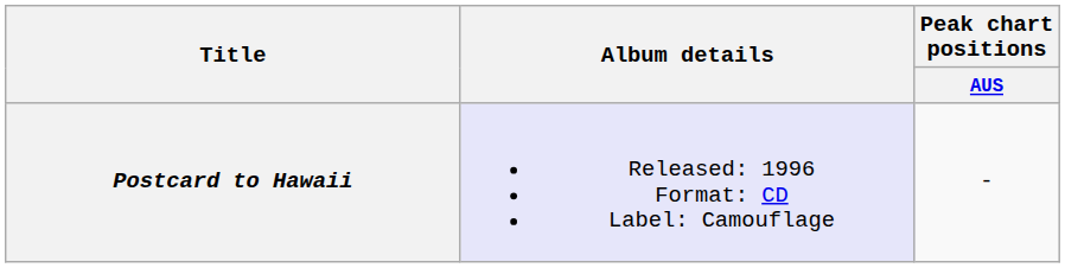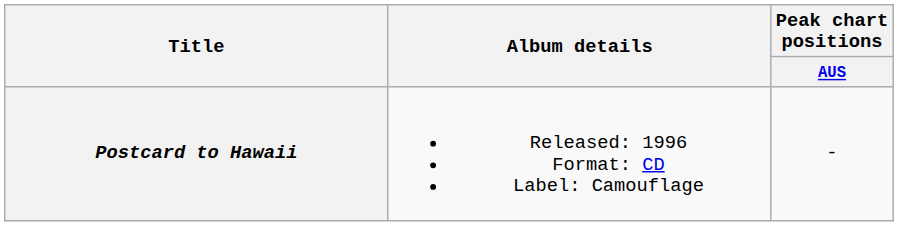 <table class="wikitable plainrowheaders" style="text-align:center;" border="1">
 <tr>
 <th rowspan="2" scope="col" style="width:20em;">Title</th>
 <th rowspan="2" scope="col" style="width:20em;">Album details</th>
 <th colspan="1" scope="col">Peak chart<br>positions</th>
 </tr>
 <tr>
 <th scope="col" style="text-align:center;"><small><a href='#'>AUS</a></small></th>
 </tr>
 <tr>
 <th scope="row"><em>Postcard to Hawaii</em></th>
-<td style="background: lavender;"><br><ul><li>Released: 1996</li><li>Format: <a href='#'>CD</a></li><li>Label: Camouflage</li></ul></td>
+<td><br><ul><li>Released: 1996</li><li>Format: <a href='#'>CD</a></li><li>Label: Camouflage</li></ul></td>
 <td>-</td>
 </tr>
 </table>
